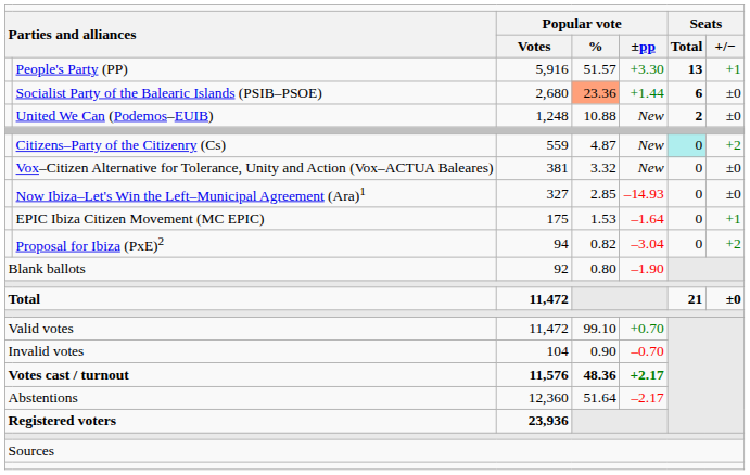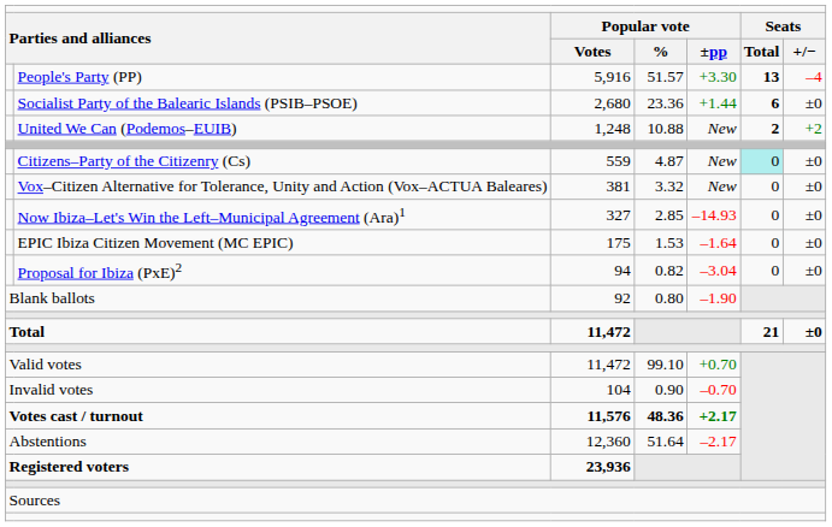 <table class="wikitable" style="text-align:right;">
 <tr>
 <td colspan="7"></td>
 </tr>
 <tr>
 <th style="text-align:left;" rowspan="2" colspan="2" width="525">Parties and alliances</th>
 <th colspan="3">Popular vote</th>
 <th colspan="2">Seats</th>
 </tr>
 <tr>
 <th width="75">Votes</th>
 <th width="45">%</th>
 <th width="45">±<a href='#'>pp</a></th>
 <th width="35">Total</th>
 <th width="35">+/−</th>
 </tr>
 <tr>
 <td width="1" style="color:inherit;background:"></td>
 <td align="left"><a href='#'>People's Party</a> (PP)</td>
 <td>5,916</td>
 <td>51.57</td>
 <td style="color:green;">+3.30</td>
 <td><strong>13</strong></td>
-<td style="color:green;">+1</td>
+<td style="color:red;">–4</td>
 </tr>
 <tr>
 <td style="color:inherit;background:"></td>
 <td align="left"><a href='#'>Socialist Party of the Balearic Islands</a> (PSIB–PSOE)</td>
 <td>2,680</td>
-<td style="background: lightsalmon;">23.36</td>
+<td>23.36</td>
 <td style="color:green;">+1.44</td>
 <td><strong>6</strong></td>
 <td>±0</td>
 </tr>
 <tr>
 <td style="color:inherit;background:"></td>
 <td align="left"><a href='#'>United We Can</a> (<a href='#'>Podemos</a>–<a href='#'>EUIB</a>)</td>
 <td>1,248</td>
 <td>10.88</td>
 <td><em>New</em></td>
 <td><strong>2</strong></td>
-<td>±0</td>
+<td style="color:green;">+2</td>
 </tr>
 <tr>
 <td colspan="7" bgcolor="#C0C0C0"></td>
 </tr>
 <tr>
 <td style="color:inherit;background:"></td>
 <td align="left"><a href='#'>Citizens–Party of the Citizenry</a> (Cs)</td>
 <td>559</td>
 <td>4.87</td>
 <td><em>New</em></td>
 <td style="background: paleturquoise;">0</td>
-<td style="color:green;">+2</td>
+<td>±0</td>
 </tr>
 <tr>
 <td style="color:inherit;background:"></td>
 <td align="left"><a href='#'>Vox</a>–Citizen Alternative for Tolerance, Unity and Action (Vox–ACTUA Baleares)</td>
 <td>381</td>
 <td>3.32</td>
 <td><em>New</em></td>
 <td>0</td>
 <td>±0</td>
 </tr>
 <tr>
 <td style="color:inherit;background:"></td>
 <td align="left"><a href='#'>Now Ibiza–Let's Win the Left–Municipal Agreement</a> (Ara)<sup>1</sup></td>
 <td>327</td>
 <td>2.85</td>
 <td style="color:red;">–14.93</td>
 <td>0</td>
 <td>±0</td>
 </tr>
 <tr>
 <td style="color:inherit;background:"></td>
 <td align="left">EPIC Ibiza Citizen Movement (MC EPIC)</td>
 <td>175</td>
 <td>1.53</td>
 <td style="color:red;">–1.64</td>
 <td>0</td>
-<td style="color:green;">+1</td>
+<td>±0</td>
 </tr>
 <tr>
 <td style="color:inherit;background:"></td>
 <td align="left"><a href='#'>Proposal for Ibiza</a> (PxE)<sup>2</sup></td>
 <td>94</td>
 <td>0.82</td>
 <td style="color:red;">–3.04</td>
 <td>0</td>
-<td style="color:green;">+2</td>
+<td>±0</td>
 </tr>
 <tr>
 <td align="left" colspan="2">Blank ballots</td>
 <td>92</td>
 <td>0.80</td>
 <td style="color:red;">–1.90</td>
 <td bgcolor="#E9E9E9" colspan="2"></td>
 </tr>
 <tr>
 <td colspan="7" bgcolor="#E9E9E9"></td>
 </tr>
 <tr style="font-weight:bold;">
 <td align="left" colspan="2">Total</td>
 <td>11,472</td>
 <td bgcolor="#E9E9E9" colspan="2"></td>
 <td>21</td>
 <td>±0</td>
 </tr>
 <tr>
 <td colspan="7" bgcolor="#E9E9E9"></td>
 </tr>
 <tr>
 <td align="left" colspan="2">Valid votes</td>
 <td>11,472</td>
 <td>99.10</td>
 <td style="color:green;">+0.70</td>
 <td bgcolor="#E9E9E9" colspan="2" rowspan="5"></td>
 </tr>
 <tr>
 <td align="left" colspan="2">Invalid votes</td>
 <td>104</td>
 <td>0.90</td>
 <td style="color:red;">–0.70</td>
 </tr>
 <tr style="font-weight:bold;">
 <td align="left" colspan="2">Votes cast / turnout</td>
 <td>11,576</td>
 <td>48.36</td>
 <td style="color:green;">+2.17</td>
 </tr>
 <tr>
 <td align="left" colspan="2">Abstentions</td>
 <td>12,360</td>
 <td>51.64</td>
 <td style="color:red;">–2.17</td>
 </tr>
 <tr style="font-weight:bold;">
 <td align="left" colspan="2">Registered voters</td>
 <td>23,936</td>
 <td bgcolor="#E9E9E9" colspan="2"></td>
 </tr>
 <tr>
 <td colspan="7" bgcolor="#E9E9E9"></td>
 </tr>
 <tr>
 <td align="left" colspan="7">Sources</td>
 </tr>
 <tr>
 <td colspan="7" style="text-align:left; max-width:790px;"></td>
 </tr>
 </table>
